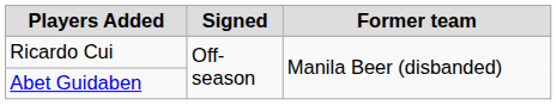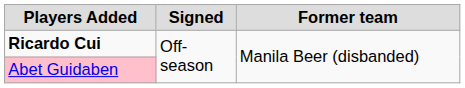 <table class="wikitable sortable sortable">
 <tr align="center" bgcolor="#dddddd">
 <td style="width:140px"><strong>Players Added</strong></td>
 <td style="width:70px"><strong>Signed</strong></td>
 <td style="width:210px"><strong>Former team</strong></td>
 </tr>
 <tr>
-<td>Ricardo Cui</td>
+<td><strong>Ricardo Cui</strong></td>
 <td rowspan="2">Off-season</td>
 <td rowspan="2">Manila Beer (disbanded)</td>
 </tr>
 <tr>
-<td><a href='#'>Abet Guidaben</a></td>
+<td style="background: pink;"><a href='#'>Abet Guidaben</a></td>
 </tr>
 </table>
